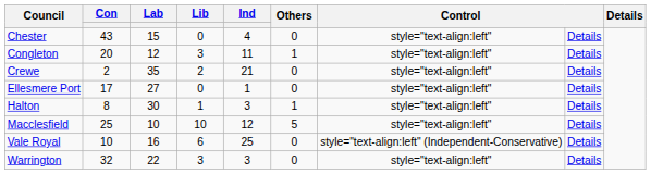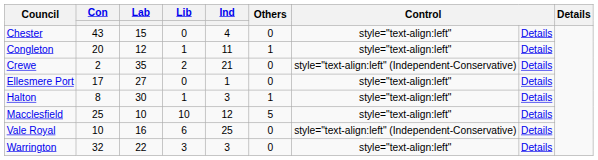 <table class="wikitable" style="text-align:center;">
 <tr>
 <th rowspan=2>Council</th>
 <th style="width:60px;"><a href='#'>Con</a></th>
 <th style="width:60px;"><a href='#'>Lab</a></th>
 <th style="width:60px;"><a href='#'>Lib</a></th>
 <th style="width:60px;"><a href='#'>Ind</a></th>
 <th style="width:60px;" rowspan=2>Others</th>
 <th rowspan=2 colspan=2>Control</th>
 <th rowspan=2>Details</th>
 </tr>
 <tr>
 <th style="background:"></th>
 <th style="background:"></th>
 <th style="background:"></th>
 <th style="background:"></th>
 </tr>
 <tr>
 <td style="text-align:left"><a href='#'>Chester</a></td>
 <td>43</td>
 <td>15</td>
 <td>0</td>
 <td>4</td>
 <td>0</td>
 <td>style="text-align:left" </td>
 <td style="text-align:left"><a href='#'>Details</a></td>
 </tr>
 <tr>
 <td style="text-align:left"><a href='#'>Congleton</a></td>
 <td>20</td>
 <td>12</td>
-<td>3</td>
+<td>1</td>
 <td>11</td>
 <td>1</td>
 <td>style="text-align:left" </td>
 <td style="text-align:left"><a href='#'>Details</a></td>
 </tr>
 <tr>
 <td style="text-align:left"><a href='#'>Crewe</a></td>
 <td>2</td>
 <td>35</td>
 <td>2</td>
 <td>21</td>
 <td>0</td>
-<td>style="text-align:left" </td>
+<td>style="text-align:left"  (Independent-Conservative)</td>
 <td style="text-align:left"><a href='#'>Details</a></td>
 </tr>
 <tr>
 <td style="text-align:left"><a href='#'>Ellesmere Port</a></td>
 <td>17</td>
 <td>27</td>
 <td>0</td>
 <td>1</td>
 <td>0</td>
 <td>style="text-align:left" </td>
 <td style="text-align:left"><a href='#'>Details</a></td>
 </tr>
 <tr>
 <td style="text-align:left"><a href='#'>Halton</a></td>
 <td>8</td>
 <td>30</td>
 <td>1</td>
 <td>3</td>
 <td>1</td>
 <td>style="text-align:left" </td>
 <td style="text-align:left"><a href='#'>Details</a></td>
 </tr>
 <tr>
 <td style="text-align:left"><a href='#'>Macclesfield</a></td>
 <td>25</td>
 <td>10</td>
 <td>10</td>
 <td>12</td>
 <td>5</td>
 <td>style="text-align:left" </td>
 <td style="text-align:left"><a href='#'>Details</a></td>
 </tr>
 <tr>
 <td style="text-align:left"><a href='#'>Vale Royal</a></td>
 <td>10</td>
 <td>16</td>
 <td>6</td>
 <td>25</td>
 <td>0</td>
 <td>style="text-align:left"  (Independent-Conservative)</td>
 <td style="text-align:left"><a href='#'>Details</a></td>
 </tr>
 <tr>
 <td style="text-align:left"><a href='#'>Warrington</a></td>
 <td>32</td>
 <td>22</td>
 <td>3</td>
 <td>3</td>
 <td>0</td>
 <td>style="text-align:left" </td>
 <td style="text-align:left"><a href='#'>Details</a></td>
 </tr>
 </table>
